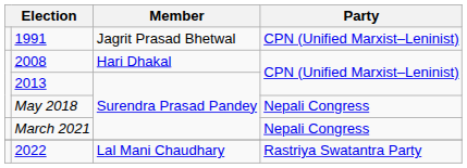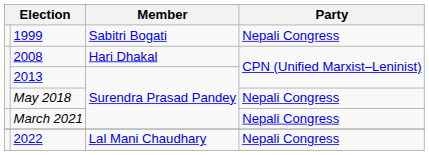 <table class="wikitable">
 <tr>
 <th colspan="2">Election</th>
 <th>Member</th>
 <th>Party</th>
 </tr>
 <tr>
 <td style="background-color:"></td>
-<td><a href='#'>1991</a></td>
-<td>Jagrit Prasad Bhetwal</td>
-<td><a href='#'>CPN (Unified Marxist–Leninist)</a></td>
+<td><a href='#'>1999</a></td>
+<td><a href='#'>Sabitri Bogati</a></td>
+<td><a href='#'>Nepali Congress</a></td>
 </tr>
 <tr>
 <td rowspan="3" style="background-color:"></td>
 <td><a href='#'>2008</a></td>
 <td><a href='#'>Hari Dhakal</a></td>
 <td rowspan="2"><a href='#'>CPN (Unified Marxist–Leninist)</a></td>
 </tr>
 <tr>
 <td><a href='#'>2013</a></td>
 <td rowspan="3"><a href='#'>Surendra Prasad Pandey</a></td>
 </tr>
 <tr>
 <td><em>May 2018</em></td>
 <td><a href='#'>Nepali Congress</a></td>
 </tr>
 <tr>
 <td></td>
 <td><em>March 2021</em></td>
 <td><a href='#'>Nepali Congress</a></td>
 </tr>
 <tr>
 </tr>
 <tr>
 <td style="background-color:"></td>
 <td><a href='#'>2022</a></td>
 <td><a href='#'>Lal Mani Chaudhary</a></td>
-<td><a href='#'>Rastriya Swatantra Party</a></td>
+<td><a href='#'>Nepali Congress</a></td>
 </tr>
 </table>
